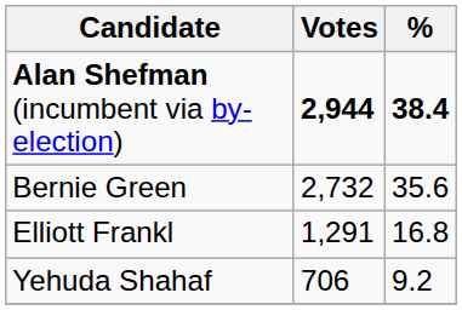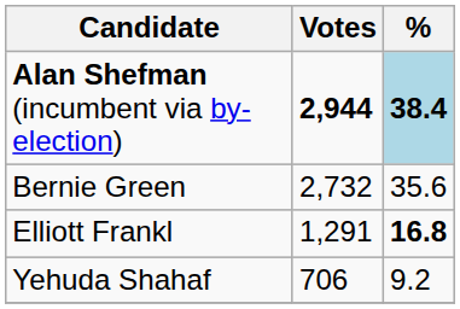 <table class="wikitable">
 <tr>
 <th bgcolor="#DDDDFF" width="150px">Candidate</th>
 <th bgcolor="#DDDDFF">Votes</th>
 <th bgcolor="#DDDDFF">%</th>
 </tr>
 <tr>
 <td><strong>Alan Shefman</strong> (incumbent via <a href='#'>by-election</a>)</td>
 <td><strong>2,944</strong></td>
-<td><strong>38.4</strong></td>
+<td style="background: lightblue;"><strong>38.4</strong></td>
 </tr>
 <tr>
 <td>Bernie Green</td>
 <td>2,732</td>
 <td>35.6</td>
 </tr>
 <tr>
 <td>Elliott Frankl</td>
 <td>1,291</td>
-<td>16.8</td>
+<td><strong>16.8</strong></td>
 </tr>
 <tr>
 <td>Yehuda Shahaf</td>
 <td>706</td>
 <td>9.2</td>
 </tr>
 <tr>
 </tr>
 </table>
